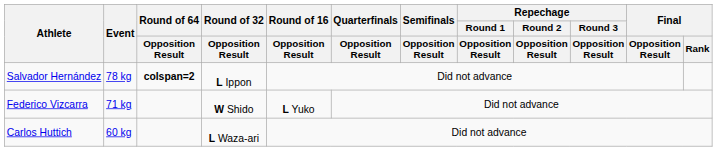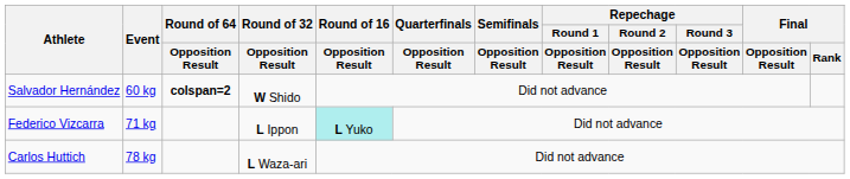 <table class="wikitable" style="font-size:90%">
 <tr>
 <th rowspan="3">Athlete</th>
 <th rowspan="3">Event</th>
 <th rowspan="2">Round of 64</th>
 <th rowspan="2">Round of 32</th>
 <th rowspan="2">Round of 16</th>
 <th rowspan="2">Quarterfinals</th>
 <th rowspan="2">Semifinals</th>
 <th colspan=3>Repechage</th>
 <th rowspan="2" colspan=2>Final</th>
 </tr>
 <tr style="font-size:95%">
 <th>Round 1</th>
 <th>Round 2</th>
 <th>Round 3</th>
 </tr>
 <tr style="font-size:95%">
 <th>Opposition<br>Result</th>
 <th>Opposition<br>Result</th>
 <th>Opposition<br>Result</th>
 <th>Opposition<br>Result</th>
 <th>Opposition<br>Result</th>
 <th>Opposition<br>Result</th>
 <th>Opposition<br>Result</th>
 <th>Opposition<br>Result</th>
 <th>Opposition<br>Result</th>
 <th>Rank</th>
 </tr>
 <tr align=center>
 <td align=left><a href='#'>Salvador Hernández</a></td>
-<td align=left><a href='#'>78 kg</a></td>
+<td align=left><a href='#'>60 kg</a></td>
 <td><strong>colspan=2</strong></td>
-<td><br><strong>L</strong> Ippon</td>
+<td><br><strong>W</strong> Shido</td>
 <td colspan=7>Did not advance</td>
 </tr>
 <tr align=center>
 <td align=left><a href='#'>Federico Vizcarra</a></td>
 <td align=left><a href='#'>71 kg</a></td>
 <td></td>
-<td><br><strong>W</strong> Shido</td>
-<td><br><strong>L</strong> Yuko</td>
+<td><br><strong>L</strong> Ippon</td>
+<td style="background: paleturquoise;"><br><strong>L</strong> Yuko</td>
 <td colspan=7>Did not advance</td>
 </tr>
 <tr align=center>
 <td align=left><a href='#'>Carlos Huttich</a></td>
-<td align=left><a href='#'>60 kg</a></td>
+<td align=left><a href='#'>78 kg</a></td>
 <td></td>
 <td><br><strong>L</strong> Waza-ari</td>
 <td colspan=8>Did not advance</td>
 </tr>
 </table>
